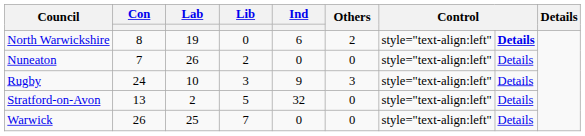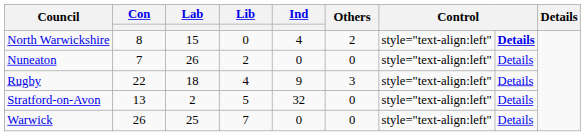 <table class="wikitable" style="text-align:center;">
 <tr>
 <th rowspan=2>Council</th>
 <th style="width:60px;"><a href='#'>Con</a></th>
 <th style="width:60px;"><a href='#'>Lab</a></th>
 <th style="width:60px;"><a href='#'>Lib</a></th>
 <th style="width:60px;"><a href='#'>Ind</a></th>
 <th style="width:60px;" rowspan=2>Others</th>
 <th rowspan=2 colspan=2>Control</th>
 <th rowspan=2>Details</th>
 </tr>
 <tr>
 <th style="background:"></th>
 <th style="background:"></th>
 <th style="background:"></th>
 <th style="background:"></th>
 </tr>
 <tr>
 <td style="text-align:left"><a href='#'>North Warwickshire</a></td>
 <td>8</td>
-<td>19</td>
+<td>15</td>
 <td>0</td>
-<td>6</td>
+<td>4</td>
 <td>2</td>
 <td>style="text-align:left" </td>
 <td style="text-align:left"><strong><a href='#'>Details</a></strong></td>
 </tr>
 <tr>
 <td style="text-align:left"><a href='#'>Nuneaton</a></td>
 <td>7</td>
 <td>26</td>
 <td>2</td>
 <td>0</td>
 <td>0</td>
 <td>style="text-align:left" </td>
 <td style="text-align:left"><a href='#'>Details</a></td>
 </tr>
 <tr>
 <td style="text-align:left"><a href='#'>Rugby</a></td>
-<td>24</td>
-<td>10</td>
-<td>3</td>
+<td>22</td>
+<td>18</td>
+<td>4</td>
 <td>9</td>
 <td>3</td>
 <td>style="text-align:left" </td>
 <td style="text-align:left"><a href='#'>Details</a></td>
 </tr>
 <tr>
 <td style="text-align:left"><a href='#'>Stratford-on-Avon</a></td>
 <td>13</td>
 <td>2</td>
 <td>5</td>
 <td>32</td>
 <td>0</td>
 <td>style="text-align:left" </td>
 <td style="text-align:left"><a href='#'>Details</a></td>
 </tr>
 <tr>
 <td style="text-align:left"><a href='#'>Warwick</a></td>
 <td>26</td>
 <td>25</td>
 <td>7</td>
 <td>0</td>
 <td>0</td>
 <td>style="text-align:left" </td>
 <td style="text-align:left"><a href='#'>Details</a></td>
 </tr>
 </table>
